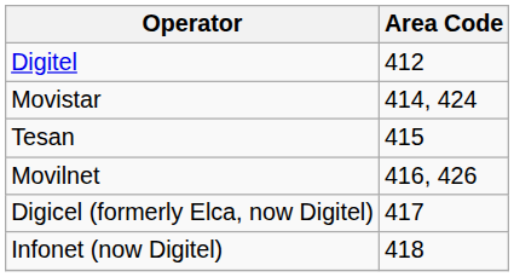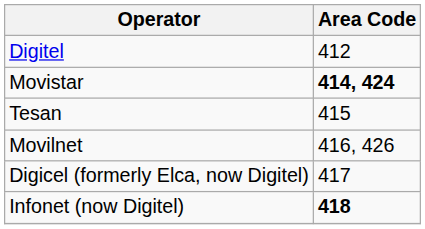 <table class="wikitable">
 <tr>
 <th>Operator</th>
 <th>Area Code</th>
 </tr>
 <tr>
 <td><a href='#'>Digitel</a></td>
 <td>412</td>
 </tr>
 <tr>
 <td>Movistar</td>
-<td>414, 424</td>
+<td><strong>414, 424</strong></td>
 </tr>
 <tr>
 <td>Tesan</td>
 <td>415</td>
 </tr>
 <tr>
 <td>Movilnet</td>
 <td>416, 426</td>
 </tr>
 <tr>
 <td>Digicel (formerly Elca, now Digitel)</td>
 <td>417</td>
 </tr>
 <tr>
 <td>Infonet (now Digitel)</td>
-<td>418</td>
+<td><strong>418</strong></td>
 </tr>
 <tr>
 </tr>
 </table>
